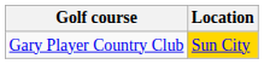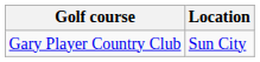 <table class="wikitable sortable">
 <tr>
 <th>Golf course</th>
 <th>Location</th>
 </tr>
 <tr>
 <td><a href='#'>Gary Player Country Club</a></td>
-<td style="background: gold;"><a href='#'>Sun City</a></td>
+<td><a href='#'>Sun City</a></td>
 </tr>
 </table>
